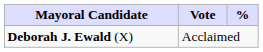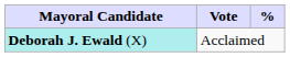 <table class="wikitable">
 <tr>
 <th style="background:#ddf; width:200px;">Mayoral Candidate</th>
 <th style="background:#ddf; width:50px;">Vote</th>
 <th style="background:#ddf; width:30px;">%</th>
 </tr>
 <tr>
-<td><strong>Deborah J. Ewald</strong> (X)</td>
+<td style="background: paleturquoise;"><strong>Deborah J. Ewald</strong> (X)</td>
 <td colspan="2">Acclaimed</td>
 </tr>
 </table>
